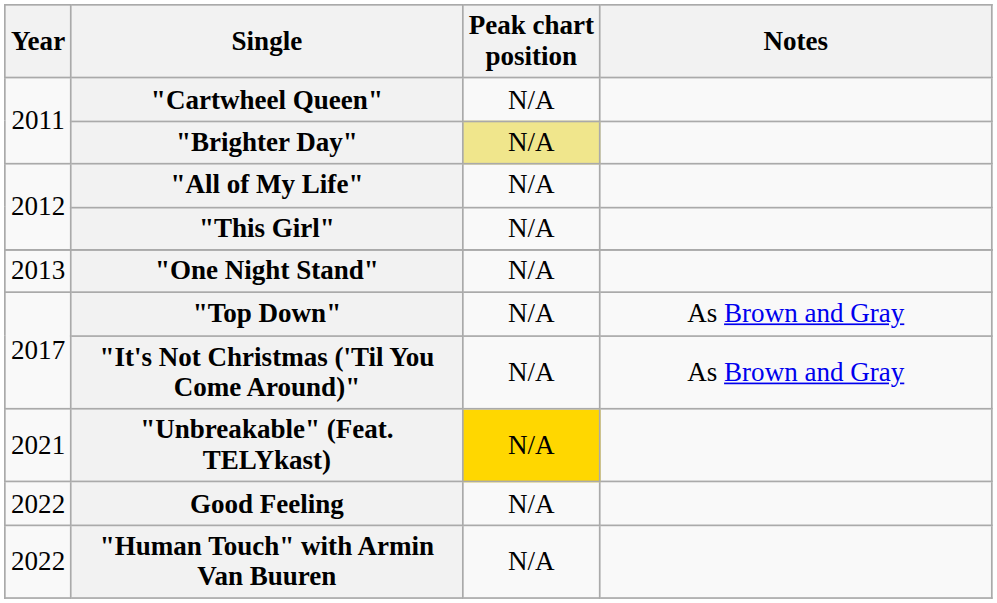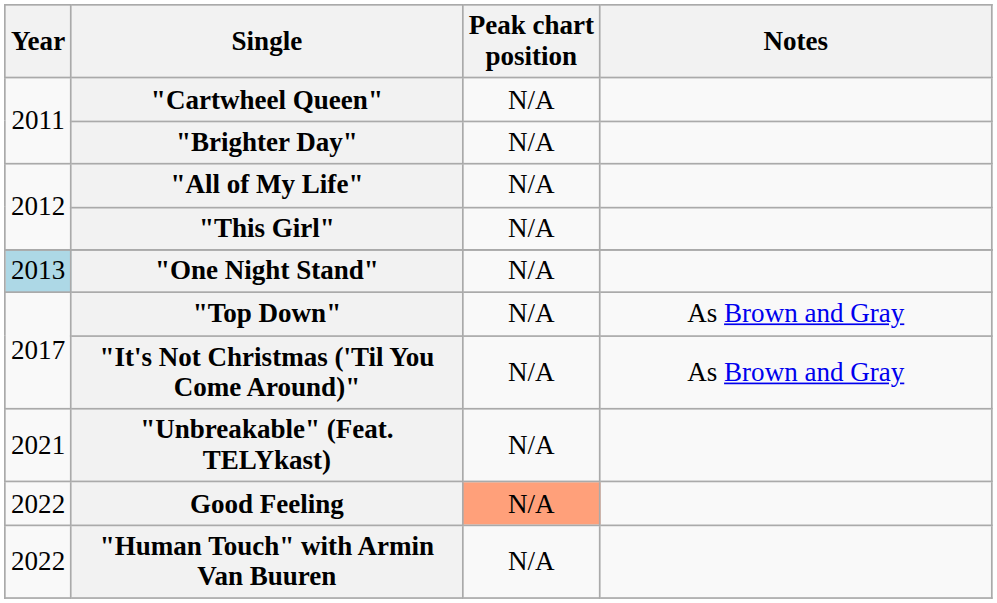 <table class="wikitable plainrowheaders" style="text-align:center;">
 <tr>
 <th>Year</th>
 <th style="width:14em;">Single</th>
 <th colspan="1">Peak chart<br>position</th>
 <th style="width:14em;">Notes</th>
 </tr>
 <tr>
 <td rowspan="2">2011</td>
 <th scope="row">"Cartwheel Queen"</th>
 <td>N/A</td>
 <td></td>
 </tr>
 <tr>
 <th scope="row">"Brighter Day"</th>
-<td style="background: khaki;">N/A</td>
+<td>N/A</td>
 <td></td>
 </tr>
 <tr>
 <td rowspan="2">2012</td>
 <th scope="row">"All of My Life"</th>
 <td>N/A</td>
 <td></td>
 </tr>
 <tr>
 <th scope="row">"This Girl"</th>
 <td>N/A</td>
 <td></td>
 </tr>
 <tr>
 </tr>
 <tr>
-<td rowspan="1">2013</td>
+<td rowspan="1" style="background: lightblue;">2013</td>
 <th scope="row">"One Night Stand"</th>
 <td>N/A</td>
 <td></td>
 </tr>
 <tr>
 <td rowspan="2">2017</td>
 <th scope="row">"Top Down"</th>
 <td>N/A</td>
 <td>As <a href='#'>Brown and Gray</a></td>
 </tr>
 <tr>
 <th scope="row">"It's Not Christmas ('Til You Come Around)"</th>
 <td>N/A</td>
 <td>As <a href='#'>Brown and Gray</a></td>
 </tr>
 <tr>
 <td rowspan="1">2021</td>
 <th scope="row">"Unbreakable" (Feat. TELYkast)</th>
-<td style="background: gold;">N/A</td>
+<td>N/A</td>
 <td></td>
 </tr>
 <tr>
 <td rowspan="1">2022</td>
 <th scope="row">Good Feeling</th>
-<td>N/A</td>
+<td style="background: lightsalmon;">N/A</td>
 <td></td>
 </tr>
 <tr>
 <td rowspan="2">2022</td>
 <th scope="row">"Human Touch" with Armin Van Buuren</th>
 <td>N/A</td>
 <td></td>
 </tr>
 </table>
